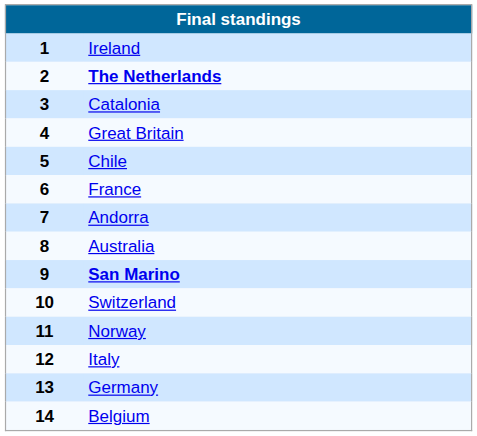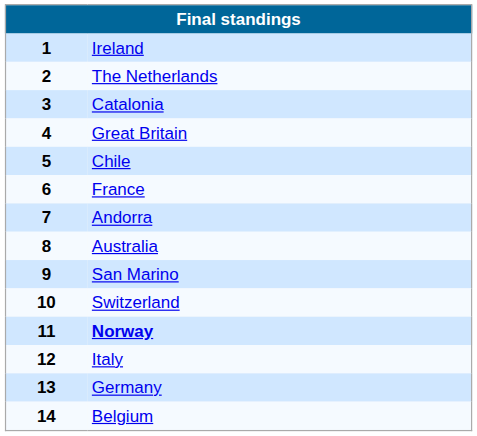 <table align=center cellpadding="4" cellspacing="0" style="background: #f9f9f9; border: 1px #aaa solid; border-collapse: collapse; font-size: 90%;" width=20%>
 <tr align=center style="background:#006699; color:white">
 <th width=100% colspan=2>Final standings</th>
 </tr>
 <tr align=center style="background:#D0E7FF;">
 <td><strong>1</strong></td>
 <td align=left> <a href='#'>Ireland</a></td>
 </tr>
 <tr align=center style="background:#F5FAFF;">
 <td><strong>2</strong></td>
-<td align=left><strong> <a href='#'>The Netherlands</a></strong></td>
+<td align=left> <a href='#'>The Netherlands</a></td>
 </tr>
 <tr align=center style="background:#D0E7FF;">
 <td><strong>3</strong></td>
 <td align=left> <a href='#'>Catalonia</a></td>
 </tr>
 <tr align=center style="background:#F5FAFF;">
 <td><strong>4</strong></td>
 <td align=left> <a href='#'>Great Britain</a></td>
 </tr>
 <tr align=center style="background:#D0E7FF;">
 <td><strong>5</strong></td>
 <td align=left> <a href='#'>Chile</a></td>
 </tr>
 <tr align=center style="background:#F5FAFF;">
 <td><strong>6</strong></td>
 <td align=left> <a href='#'>France</a></td>
 </tr>
 <tr align=center style="background:#D0E7FF;">
 <td><strong>7</strong></td>
 <td align=left> <a href='#'>Andorra</a></td>
 </tr>
 <tr align=center style="background:#F5FAFF;">
 <td><strong>8</strong></td>
 <td align=left> <a href='#'>Australia</a></td>
 </tr>
 <tr align=center style="background:#D0E7FF;">
 <td><strong>9</strong></td>
-<td align=left><strong> <a href='#'>San Marino</a></strong></td>
+<td align=left> <a href='#'>San Marino</a></td>
 </tr>
 <tr align=center style="background:#F5FAFF;">
 <td><strong>10</strong></td>
 <td align=left> <a href='#'>Switzerland</a></td>
 </tr>
 <tr align=center style="background:#D0E7FF;">
 <td><strong>11</strong></td>
-<td align=left> <a href='#'>Norway</a></td>
+<td align=left><strong> <a href='#'>Norway</a></strong></td>
 </tr>
 <tr align=center style="background:#F5FAFF;">
 <td><strong>12</strong></td>
 <td align=left> <a href='#'>Italy</a></td>
 </tr>
 <tr align=center style="background:#D0E7FF;">
 <td><strong>13</strong></td>
 <td align=left> <a href='#'>Germany</a></td>
 </tr>
 <tr align=center style="background:#F5FAFF;">
 <td><strong>14</strong></td>
 <td align=left> <a href='#'>Belgium</a></td>
 </tr>
 </table>
